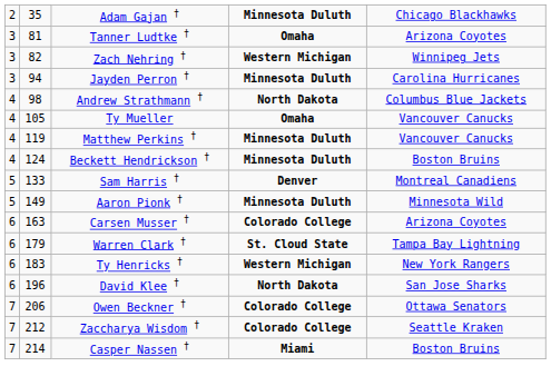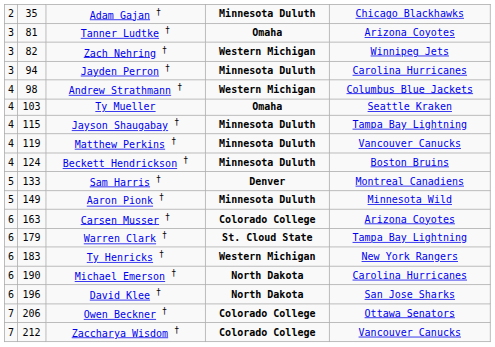 <table class="wikitable sortable" width="50%">
 <tr align="center" bgcolor="">
 <td>2</td>
 <td>35</td>
 <td><a href='#'>Adam Gajan</a> <sup>†</sup></td>
 <td><strong>Minnesota Duluth</strong></td>
 <td><a href='#'>Chicago Blackhawks</a></td>
 </tr>
 <tr align="center" bgcolor="">
 <td>3</td>
 <td>81</td>
 <td><a href='#'>Tanner Ludtke</a> <sup>†</sup></td>
 <td><strong>Omaha</strong></td>
 <td><a href='#'>Arizona Coyotes</a></td>
 </tr>
 <tr align="center" bgcolor="">
 <td>3</td>
 <td>82</td>
 <td><a href='#'>Zach Nehring</a> <sup>†</sup></td>
 <td><strong>Western Michigan</strong></td>
 <td><a href='#'>Winnipeg Jets</a></td>
 </tr>
 <tr align="center" bgcolor="">
 <td>3</td>
 <td>94</td>
 <td><a href='#'>Jayden Perron</a> <sup>†</sup></td>
 <td><strong>Minnesota Duluth</strong></td>
 <td><a href='#'>Carolina Hurricanes</a></td>
 </tr>
 <tr align="center" bgcolor="">
 <td>4</td>
 <td>98</td>
 <td><a href='#'>Andrew Strathmann</a> <sup>†</sup></td>
-<td><strong>North Dakota</strong></td>
+<td><strong>Western Michigan</strong></td>
 <td><a href='#'>Columbus Blue Jackets</a></td>
 </tr>
 <tr align="center" bgcolor="">
 <td>4</td>
-<td>105</td>
+<td>103</td>
 <td><a href='#'>Ty Mueller</a></td>
 <td><strong>Omaha</strong></td>
-<td><a href='#'>Vancouver Canucks</a></td>
+<td><a href='#'>Seattle Kraken</a></td>
+</tr>
+<tr align="center" bgcolor="">
+<td>4</td>
+<td>115</td>
+<td><a href='#'>Jayson Shaugabay</a> <sup>†</sup></td>
+<td><strong>Minnesota Duluth</strong></td>
+<td><a href='#'>Tampa Bay Lightning</a></td>
 </tr>
 <tr align="center" bgcolor="">
 <td>4</td>
 <td>119</td>
 <td><a href='#'>Matthew Perkins</a> <sup>†</sup></td>
 <td><strong>Minnesota Duluth</strong></td>
 <td><a href='#'>Vancouver Canucks</a></td>
 </tr>
 <tr align="center" bgcolor="">
 <td>4</td>
 <td>124</td>
 <td><a href='#'>Beckett Hendrickson</a> <sup>†</sup></td>
 <td><strong>Minnesota Duluth</strong></td>
 <td><a href='#'>Boston Bruins</a></td>
 </tr>
 <tr align="center" bgcolor="">
 <td>5</td>
 <td>133</td>
 <td><a href='#'>Sam Harris</a> <sup>†</sup></td>
 <td><strong>Denver</strong></td>
 <td><a href='#'>Montreal Canadiens</a></td>
 </tr>
 <tr align="center" bgcolor="">
 <td>5</td>
 <td>149</td>
 <td><a href='#'>Aaron Pionk</a> <sup>†</sup></td>
 <td><strong>Minnesota Duluth</strong></td>
 <td><a href='#'>Minnesota Wild</a></td>
 </tr>
 <tr align="center" bgcolor="">
 <td>6</td>
 <td>163</td>
 <td><a href='#'>Carsen Musser</a> <sup>†</sup></td>
 <td><strong>Colorado College</strong></td>
 <td><a href='#'>Arizona Coyotes</a></td>
 </tr>
 <tr align="center" bgcolor="">
 <td>6</td>
 <td>179</td>
 <td><a href='#'>Warren Clark</a> <sup>†</sup></td>
 <td><strong>St. Cloud State</strong></td>
 <td><a href='#'>Tampa Bay Lightning</a></td>
 </tr>
 <tr align="center" bgcolor="">
 <td>6</td>
 <td>183</td>
 <td><a href='#'>Ty Henricks</a> <sup>†</sup></td>
 <td><strong>Western Michigan</strong></td>
 <td><a href='#'>New York Rangers</a></td>
 </tr>
 <tr align="center" bgcolor="">
 <td>6</td>
+<td>190</td>
+<td><a href='#'>Michael Emerson</a> <sup>†</sup></td>
+<td><strong>North Dakota</strong></td>
+<td><a href='#'>Carolina Hurricanes</a></td>
+</tr>
+<tr align="center" bgcolor="">
+<td>6</td>
 <td>196</td>
 <td><a href='#'>David Klee</a> <sup>†</sup></td>
 <td><strong>North Dakota</strong></td>
 <td><a href='#'>San Jose Sharks</a></td>
 </tr>
 <tr align="center" bgcolor="">
 <td>7</td>
 <td>206</td>
 <td><a href='#'>Owen Beckner</a> <sup>†</sup></td>
 <td><strong>Colorado College</strong></td>
 <td><a href='#'>Ottawa Senators</a></td>
 </tr>
 <tr align="center" bgcolor="">
 <td>7</td>
 <td>212</td>
 <td><a href='#'>Zaccharya Wisdom</a> <sup>†</sup></td>
 <td><strong>Colorado College</strong></td>
-<td><a href='#'>Seattle Kraken</a></td>
-</tr>
-<tr align="center" bgcolor="">
-<td>7</td>
-<td>214</td>
-<td><a href='#'>Casper Nassen</a> <sup>†</sup></td>
-<td><strong>Miami</strong></td>
-<td><a href='#'>Boston Bruins</a></td>
+<td><a href='#'>Vancouver Canucks</a></td>
 </tr>
 </table>
